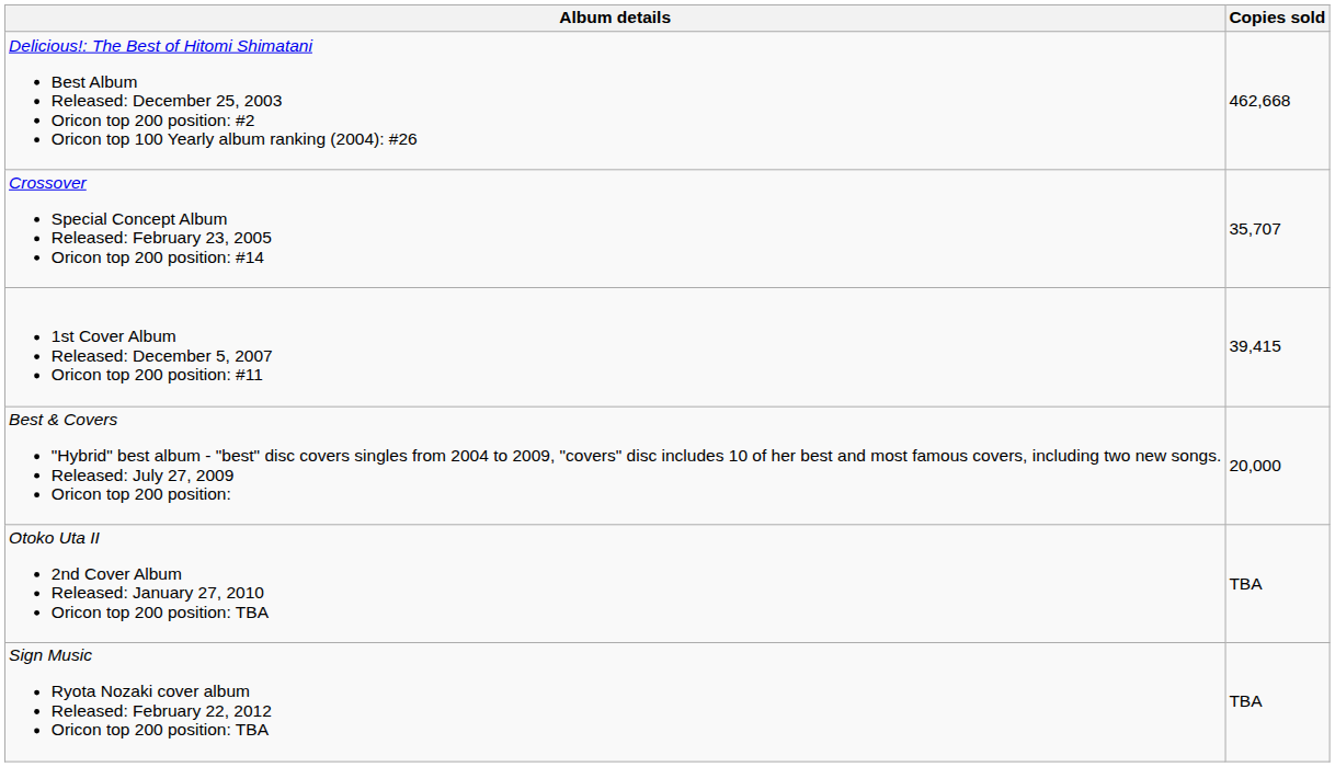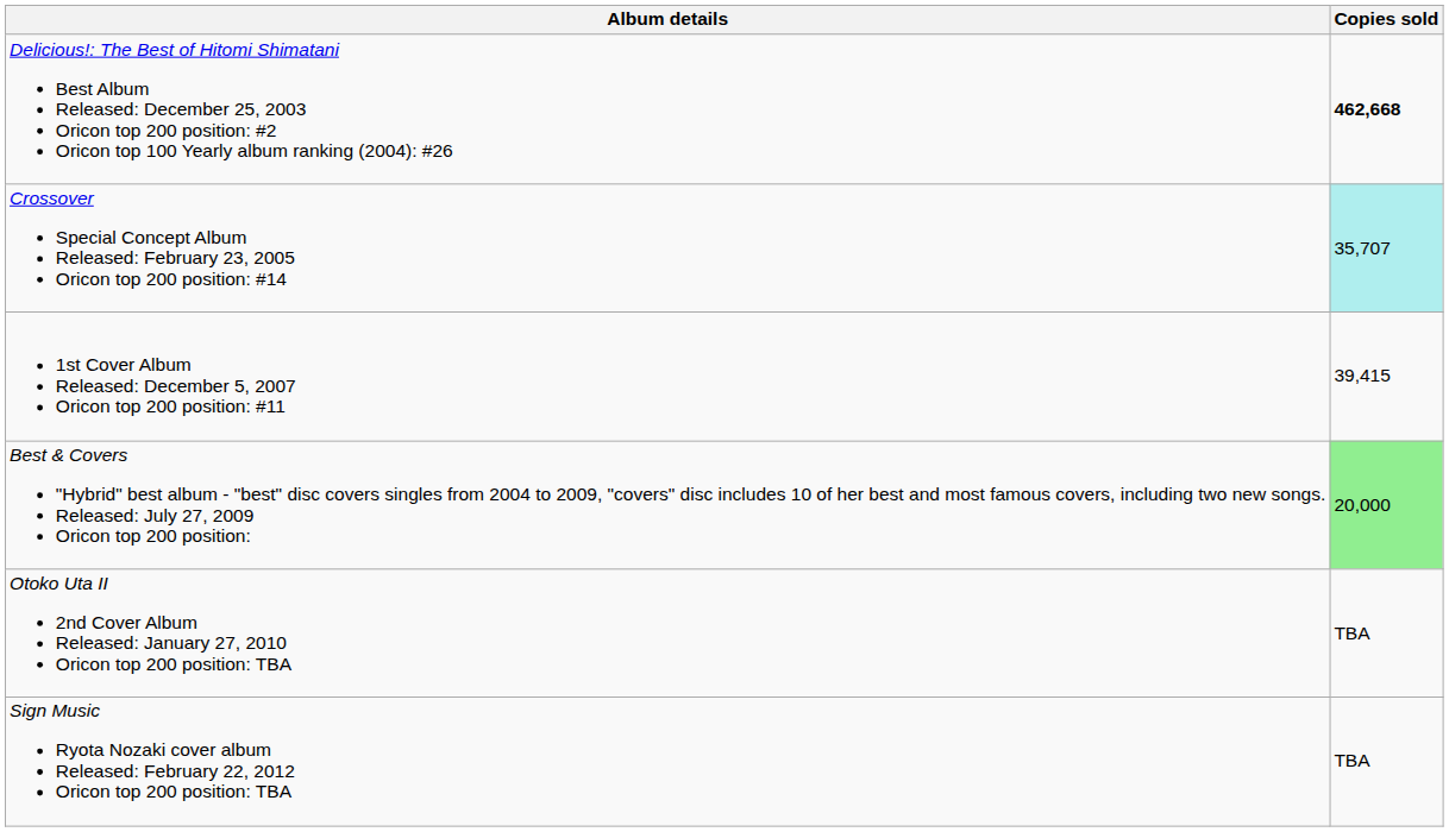 <table class="wikitable">
 <tr>
 <th>Album details</th>
 <th>Copies sold</th>
 </tr>
 <tr>
 <td><em><a href='#'>Delicious!: The Best of Hitomi Shimatani</a></em><br><ul><li>Best Album</li><li>Released: December 25, 2003</li><li>Oricon top 200 position: #2</li><li>Oricon top 100 Yearly album ranking (2004): #26</li></ul></td>
-<td>462,668</td>
+<td><strong>462,668</strong></td>
 </tr>
 <tr>
 <td><em><a href='#'>Crossover</a></em><br><ul><li>Special Concept Album</li><li>Released: February 23, 2005</li><li>Oricon top 200 position: #14</li></ul></td>
-<td>35,707</td>
+<td style="background: paleturquoise;">35,707</td>
 </tr>
 <tr>
 <td><br><ul><li>1st Cover Album</li><li>Released: December 5, 2007</li><li>Oricon top 200 position: #11</li></ul></td>
 <td>39,415</td>
 </tr>
 <tr>
 <td><em>Best & Covers</em><br><ul><li>"Hybrid" best album - "best" disc covers singles from 2004 to 2009, "covers" disc includes 10 of her best and most famous covers, including two new songs.</li><li>Released: July 27, 2009</li><li>Oricon top 200 position:</li></ul></td>
-<td>20,000</td>
+<td style="background: lightgreen;">20,000</td>
 </tr>
 <tr>
 <td><em>Otoko Uta II</em><br><ul><li>2nd Cover Album</li><li>Released: January 27, 2010</li><li>Oricon top 200 position: TBA</li></ul></td>
 <td>TBA</td>
 </tr>
 <tr>
 <td><em>Sign Music</em><br><ul><li>Ryota Nozaki cover album</li><li>Released: February 22, 2012</li><li>Oricon top 200 position: TBA</li></ul></td>
 <td>TBA</td>
 </tr>
 </table>
